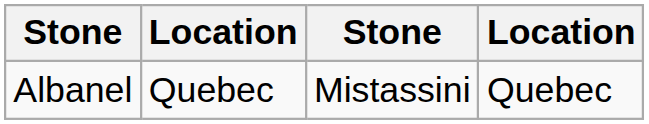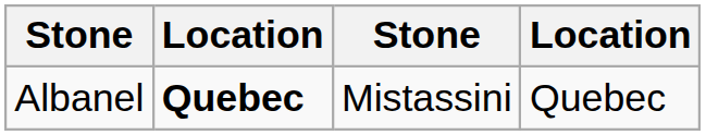 <table class="wikitable">
 <tr>
 <th>Stone</th>
 <th>Location</th>
 <th>Stone</th>
 <th>Location</th>
 </tr>
 <tr>
 <td>Albanel</td>
-<td>Quebec</td>
+<td><strong>Quebec</strong></td>
 <td>Mistassini</td>
 <td>Quebec</td>
 </tr>
 </table>
